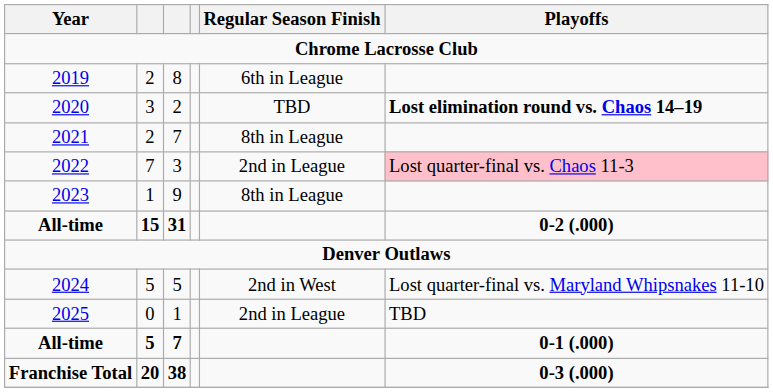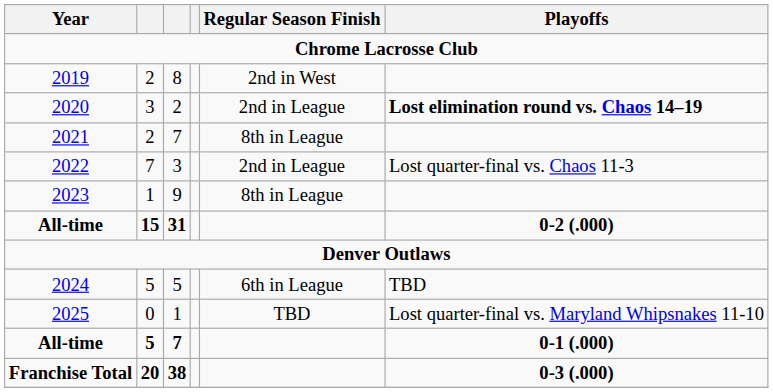 <table class="wikitable" style="text-align:center;">
 <tr>
 <th>Year</th>
 <th></th>
 <th></th>
 <th></th>
 <th>Regular Season Finish</th>
 <th class="unsortable">Playoffs</th>
 </tr>
 <tr>
 <td colspan="6" align="center"><strong>Chrome Lacrosse Club</strong></td>
 </tr>
 <tr>
 <td><a href='#'>2019</a></td>
 <td>2</td>
 <td>8</td>
 <td></td>
-<td>6th in League</td>
+<td>2nd in West</td>
 <td style="text-align:left;"></td>
 </tr>
 <tr>
 <td><a href='#'>2020</a></td>
 <td>3</td>
 <td>2</td>
 <td></td>
-<td>TBD</td>
+<td>2nd in League</td>
 <td style="text-align:left;"><strong>Lost elimination round vs. <a href='#'>Chaos</a> 14–19</strong></td>
 </tr>
 <tr>
 <td><a href='#'>2021</a></td>
 <td>2</td>
 <td>7</td>
 <td></td>
 <td>8th in League</td>
 <td style="text-align:left;"></td>
 </tr>
 <tr>
 <td><a href='#'>2022</a></td>
 <td>7</td>
 <td>3</td>
 <td></td>
 <td>2nd in League</td>
-<td style="background: pink; text-align:left;">Lost quarter-final vs. <a href='#'>Chaos</a> 11-3</td>
+<td style="text-align:left;">Lost quarter-final vs. <a href='#'>Chaos</a> 11-3</td>
 </tr>
 <tr>
 <td><a href='#'>2023</a></td>
 <td>1</td>
 <td>9</td>
 <td></td>
 <td>8th in League</td>
 <td style="text-align:left;"></td>
 </tr>
 <tr>
 <td><strong>All-time</strong></td>
 <td><strong>15</strong></td>
 <td><strong>31</strong></td>
 <td><strong></strong></td>
 <td></td>
 <td><strong>0-2 (.000)</strong></td>
 </tr>
 <tr>
 <td colspan="6" align="center"><strong>Denver Outlaws</strong></td>
 </tr>
 <tr>
 <td><a href='#'>2024</a></td>
 <td>5</td>
 <td>5</td>
 <td></td>
-<td>2nd in West</td>
-<td style="text-align:left;">Lost quarter-final vs. <a href='#'>Maryland Whipsnakes</a> 11-10</td>
+<td>6th in League</td>
+<td style="text-align:left;">TBD</td>
 </tr>
 <tr>
 <td><a href='#'>2025</a></td>
 <td>0</td>
 <td>1</td>
 <td></td>
-<td>2nd in League</td>
-<td style="text-align:left;">TBD</td>
+<td>TBD</td>
+<td style="text-align:left;">Lost quarter-final vs. <a href='#'>Maryland Whipsnakes</a> 11-10</td>
 </tr>
 <tr>
 <td><strong>All-time</strong></td>
 <td><strong>5</strong></td>
 <td><strong>7</strong></td>
 <td><strong></strong></td>
 <td></td>
 <td><strong>0-1 (.000)</strong></td>
 </tr>
 <tr>
 <td><strong>Franchise Total</strong></td>
 <td><strong>20</strong></td>
 <td><strong>38</strong></td>
 <td><strong></strong></td>
 <td></td>
 <td><strong>0-3 (.000)</strong></td>
 </tr>
 <tr>
 </tr>
 </table>
